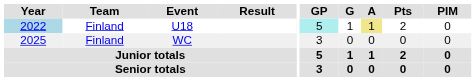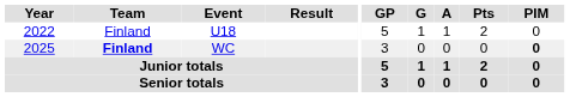 <table border="0" cellpadding="1" cellspacing="0" ID="Table3" style="text-align:center; width:40em">
 <tr ALIGN="center" bgcolor="#e0e0e0">
 <th>Year</th>
 <th>Team</th>
 <th>Event</th>
 <th>Result</th>
 <th rowspan="99" bgcolor="#ffffff"></th>
 <th>GP</th>
 <th>G</th>
 <th>A</th>
 <th>Pts</th>
 <th>PIM</th>
 </tr>
 <tr>
-<td style="background: lightblue;"><a href='#'>2022</a></td>
+<td><a href='#'>2022</a></td>
 <td><a href='#'>Finland</a></td>
 <td><a href='#'>U18</a></td>
 <td></td>
-<td style="background: paleturquoise;">5</td>
+<td>5</td>
 <td>1</td>
-<td style="background: khaki;">1</td>
+<td>1</td>
 <td>2</td>
 <td>0</td>
 </tr>
 <tr bgcolor="#f0f0f0">
 <td><a href='#'>2025</a></td>
-<td><a href='#'>Finland</a></td>
+<td><strong><a href='#'>Finland</a></strong></td>
 <td><a href='#'>WC</a></td>
 <td></td>
 <td>3</td>
 <td>0</td>
 <td>0</td>
 <td>0</td>
-<td>0</td>
+<td><strong>0</strong></td>
 </tr>
 <tr bgcolor="#e0e0e0">
 <th colspan="4">Junior totals</th>
 <th>5</th>
 <th>1</th>
 <th>1</th>
 <th>2</th>
 <th>0</th>
 </tr>
 <tr bgcolor="#e0e0e0">
 <th colspan="4">Senior totals</th>
 <th>3</th>
 <th>0</th>
 <th>0</th>
 <th>0</th>
 <th>0</th>
 </tr>
 </table>
